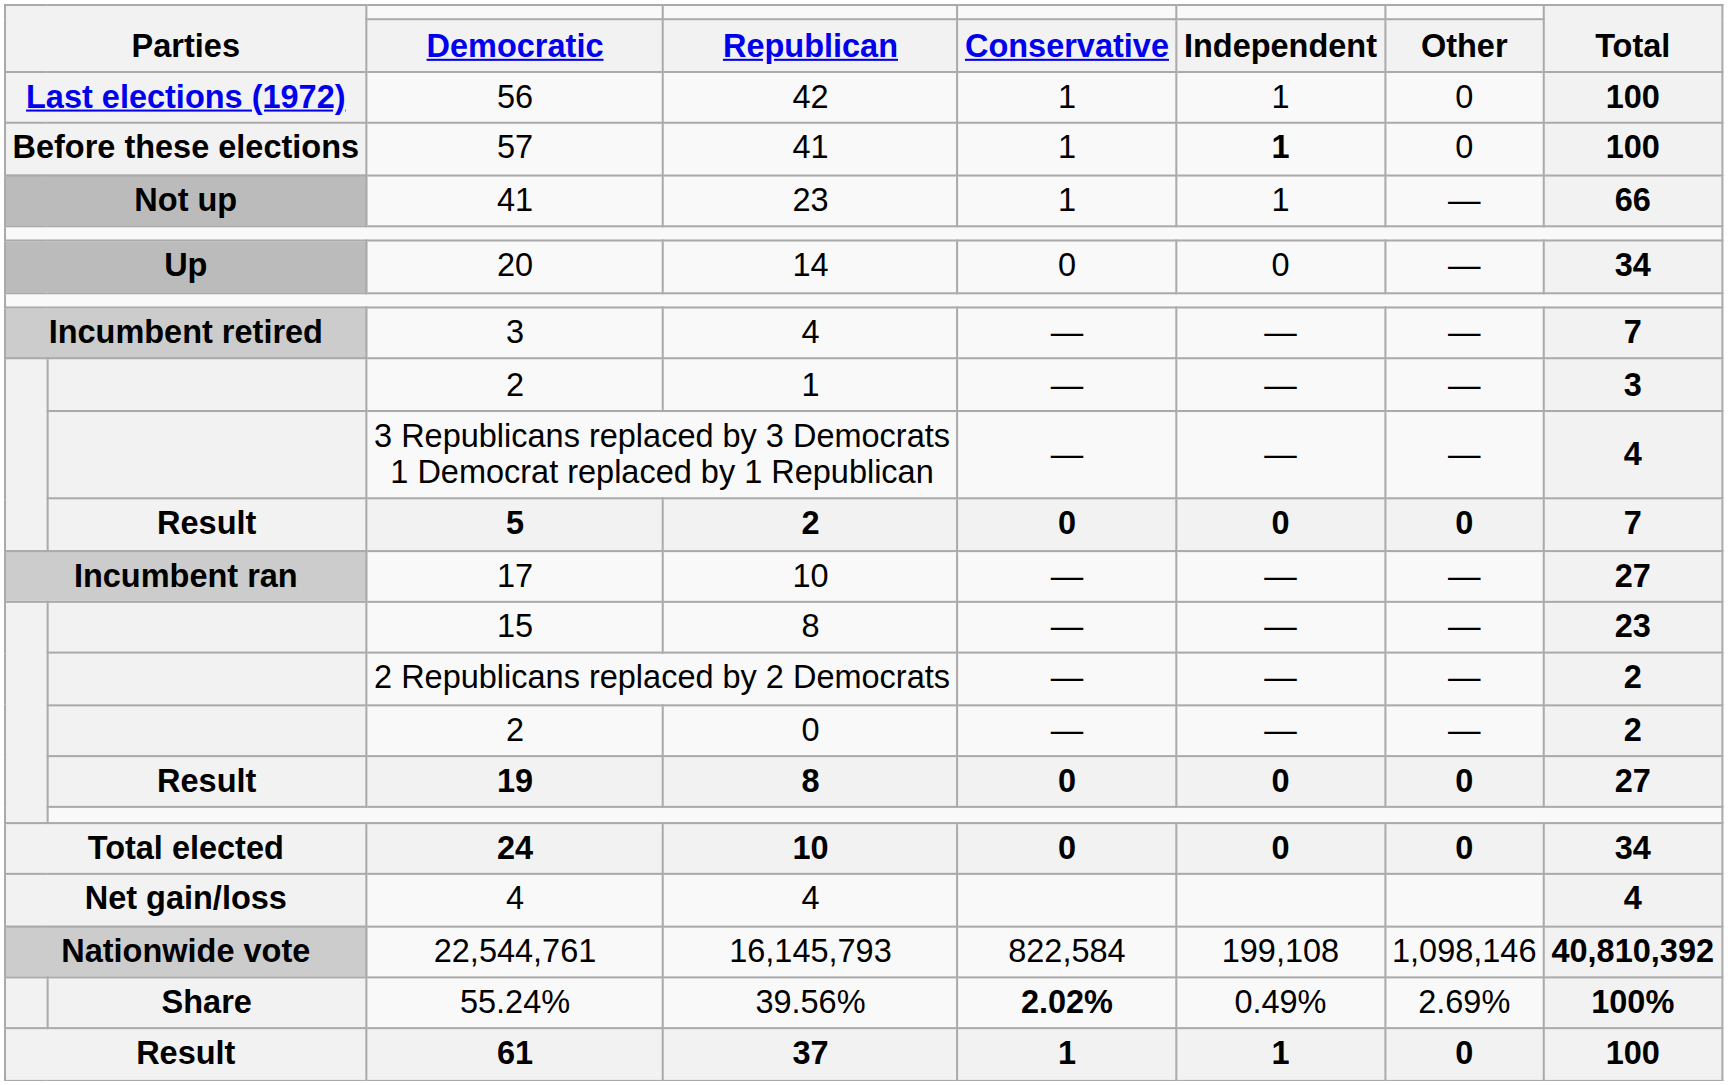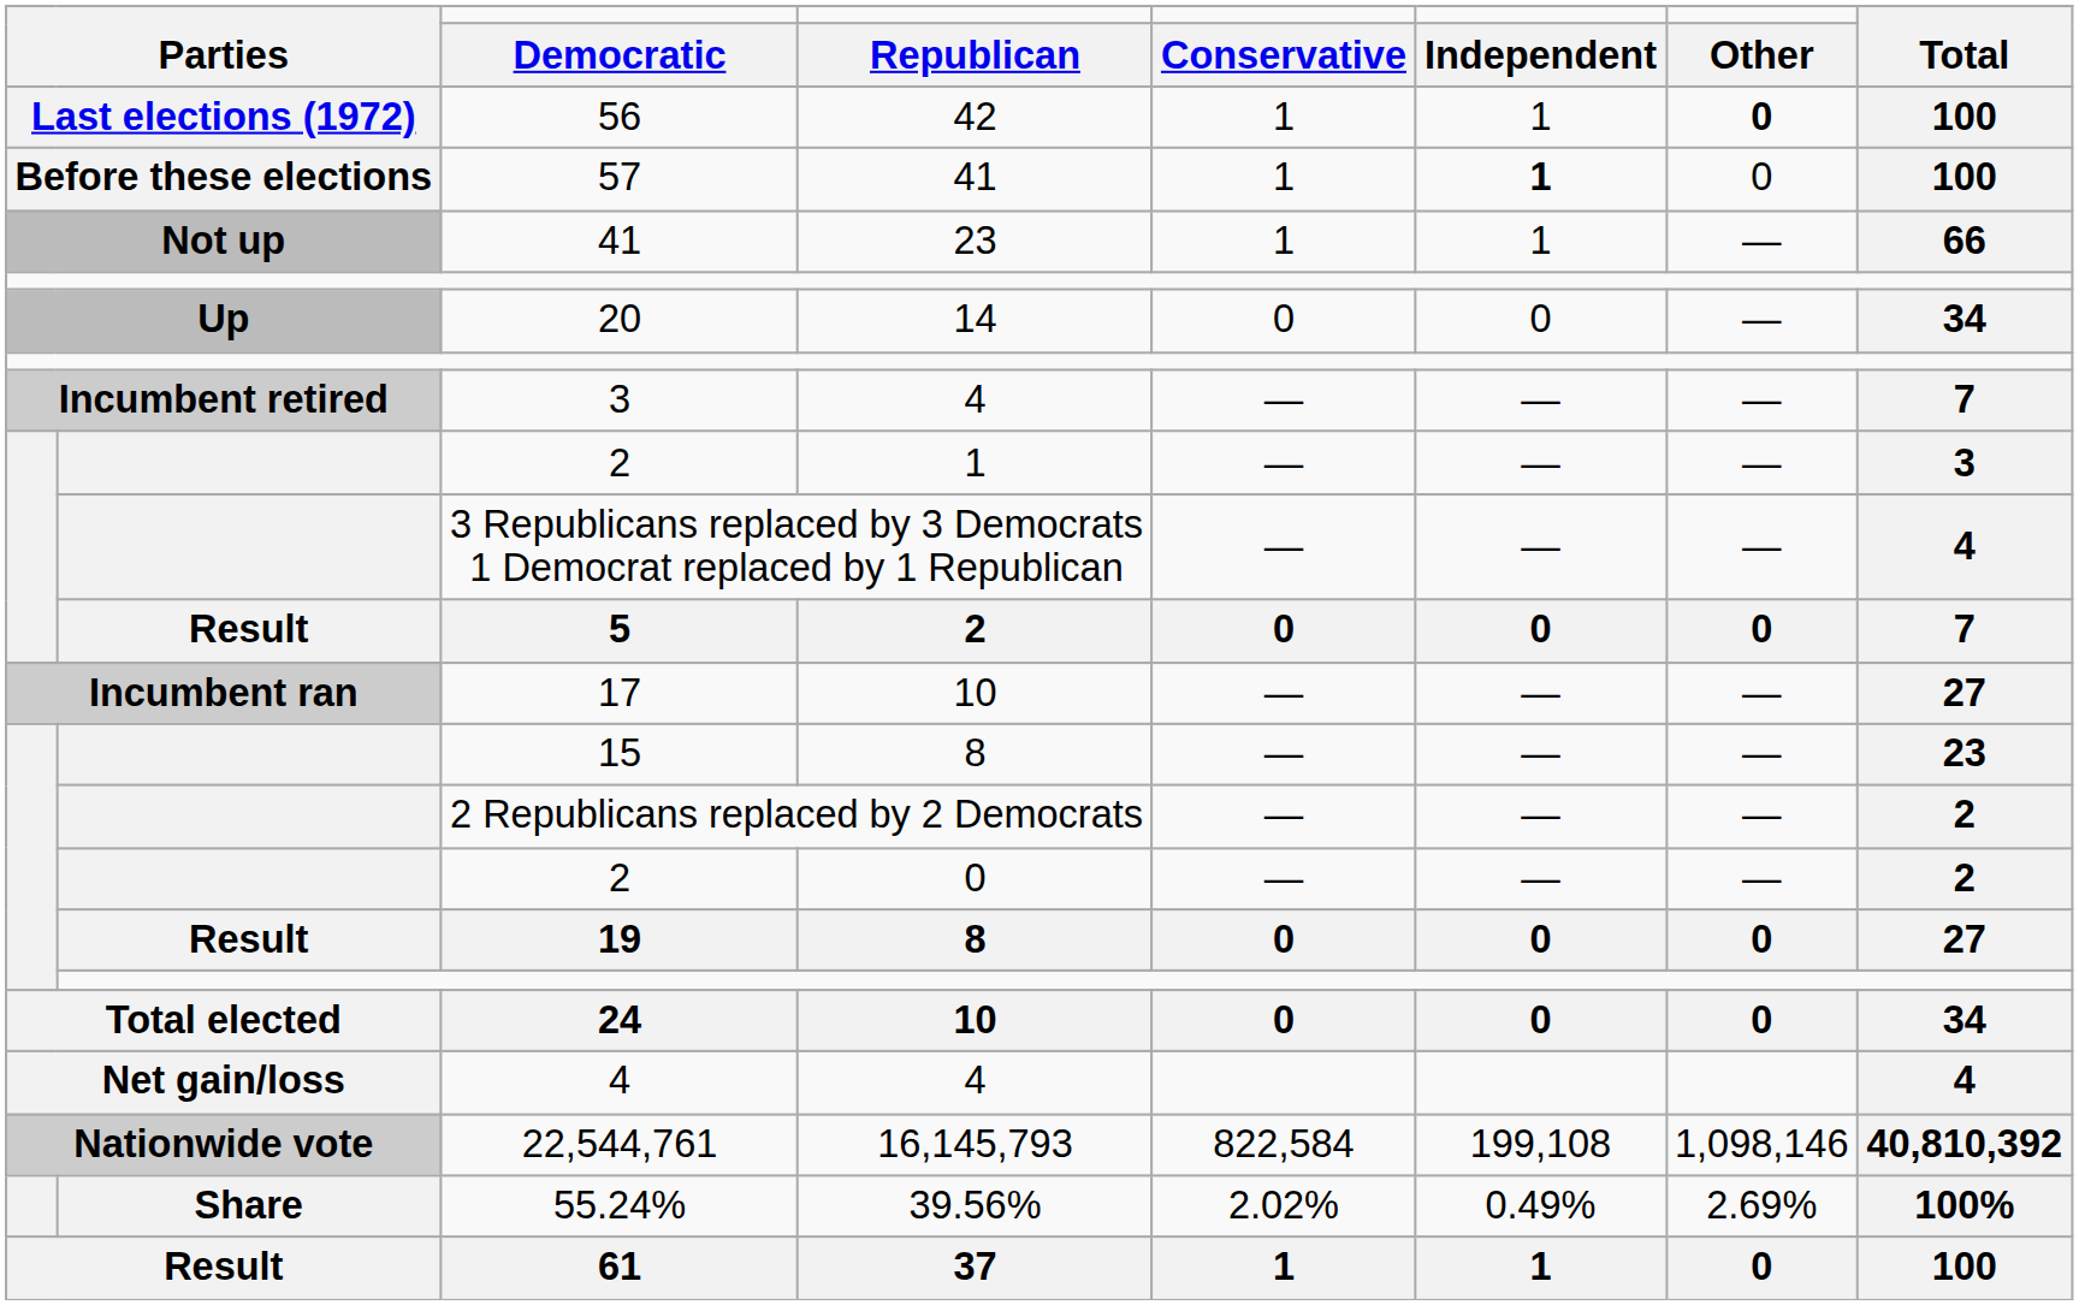 <table class=wikitable style=text-align:center>
 <tr valign=bottom>
 <th rowspan=2 colspan=2>Parties</th>
 <td style="background-color:"></td>
 <td style="background-color:"></td>
 <td style="background-color:"></td>
 <td style="background-color:"></td>
 <td style="background-color:"></td>
 <th rowspan=2>Total</th>
 </tr>
 <tr valign=bottom>
 <th><a href='#'>Democratic</a></th>
 <th><a href='#'>Republican</a></th>
 <th><a href='#'>Conservative</a></th>
 <th>Independent</th>
 <th>Other</th>
 </tr>
 <tr>
 <th colspan=2><a href='#'>Last elections (1972)</a></th>
 <td>56</td>
 <td>42</td>
 <td>1</td>
 <td>1</td>
-<td>0</td>
+<td><strong>0</strong></td>
 <th>100</th>
 </tr>
 <tr>
 <th colspan=2>Before these elections</th>
 <td>57</td>
 <td>41</td>
 <td>1</td>
 <td><strong>1</strong></td>
 <td>0</td>
 <th>100</th>
 </tr>
 <tr>
 <th colspan=2 style="background:#bbb">Not up</th>
 <td>41</td>
 <td>23</td>
 <td>1</td>
 <td>1</td>
 <td>—</td>
 <th>66</th>
 </tr>
 <tr>
 <td colspan=100></td>
 </tr>
 <tr>
 <th colspan=2 style="background:#bbb">Up<br></th>
 <td>20</td>
 <td>14</td>
 <td>0</td>
 <td>0</td>
 <td>—</td>
 <th>34</th>
 </tr>
 <tr>
 <td colspan=100></td>
 </tr>
 <tr>
 <th colspan=2 style="background:#ccc">Incumbent retired</th>
 <td>3</td>
 <td>4</td>
 <td>—</td>
 <td>—</td>
 <td>—</td>
 <th>7</th>
 </tr>
 <tr>
 <th rowspan=3></th>
 <th></th>
 <td>2</td>
 <td>1</td>
 <td>—</td>
 <td>—</td>
 <td>—</td>
 <th>3</th>
 </tr>
 <tr>
 <th></th>
 <td colspan=2 > 3 Republicans replaced by  3 Democrats<br> 1 Democrat replaced by  1 Republican</td>
 <td>—</td>
 <td>—</td>
 <td>—</td>
 <th>4</th>
 </tr>
 <tr>
 <th>Result</th>
 <th>5</th>
 <th>2</th>
 <th>0</th>
 <th>0</th>
 <th>0</th>
 <th>7</th>
 </tr>
 <tr>
 <th colspan=2 style="background:#ccc">Incumbent ran</th>
 <td>17</td>
 <td>10</td>
 <td>—</td>
 <td>—</td>
 <td>—</td>
 <th>27</th>
 </tr>
 <tr>
 <th rowspan=5></th>
 <th></th>
 <td>15</td>
 <td>8</td>
 <td>—</td>
 <td>—</td>
 <td>—</td>
 <th>23</th>
 </tr>
 <tr>
 <th></th>
 <td colspan=2 > 2 Republicans replaced by  2 Democrats</td>
 <td>—</td>
 <td>—</td>
 <td>—</td>
 <th>2</th>
 </tr>
 <tr>
 <th></th>
 <td>2</td>
 <td>0</td>
 <td>—</td>
 <td>—</td>
 <td>—</td>
 <th>2</th>
 </tr>
 <tr>
 <th>Result</th>
 <th>19</th>
 <th>8</th>
 <th>0</th>
 <th>0</th>
 <th>0</th>
 <th>27</th>
 </tr>
 <tr>
 <td colspan=100></td>
 </tr>
 <tr>
 <th colspan=2>Total elected</th>
 <th>24</th>
 <th>10</th>
 <th>0</th>
 <th>0</th>
 <th>0</th>
 <th>34</th>
 </tr>
 <tr>
 <th colspan=2>Net gain/loss</th>
 <td> 4</td>
 <td> 4</td>
 <td></td>
 <td></td>
 <td></td>
 <th>4</th>
 </tr>
 <tr>
 <th colspan=2 style="background:#ccc">Nationwide vote</th>
 <td>22,544,761</td>
 <td>16,145,793</td>
 <td>822,584</td>
 <td>199,108</td>
 <td>1,098,146</td>
 <th>40,810,392</th>
 </tr>
 <tr>
 <th></th>
 <th>Share</th>
 <td>55.24%</td>
 <td>39.56%</td>
-<td><strong>2.02%</strong></td>
+<td>2.02%</td>
 <td>0.49%</td>
 <td>2.69%</td>
 <th>100%</th>
 </tr>
 <tr>
 <th colspan=2>Result</th>
 <th>61</th>
 <th>37</th>
 <th>1</th>
 <th>1</th>
 <th>0</th>
 <th>100</th>
 </tr>
 </table>
